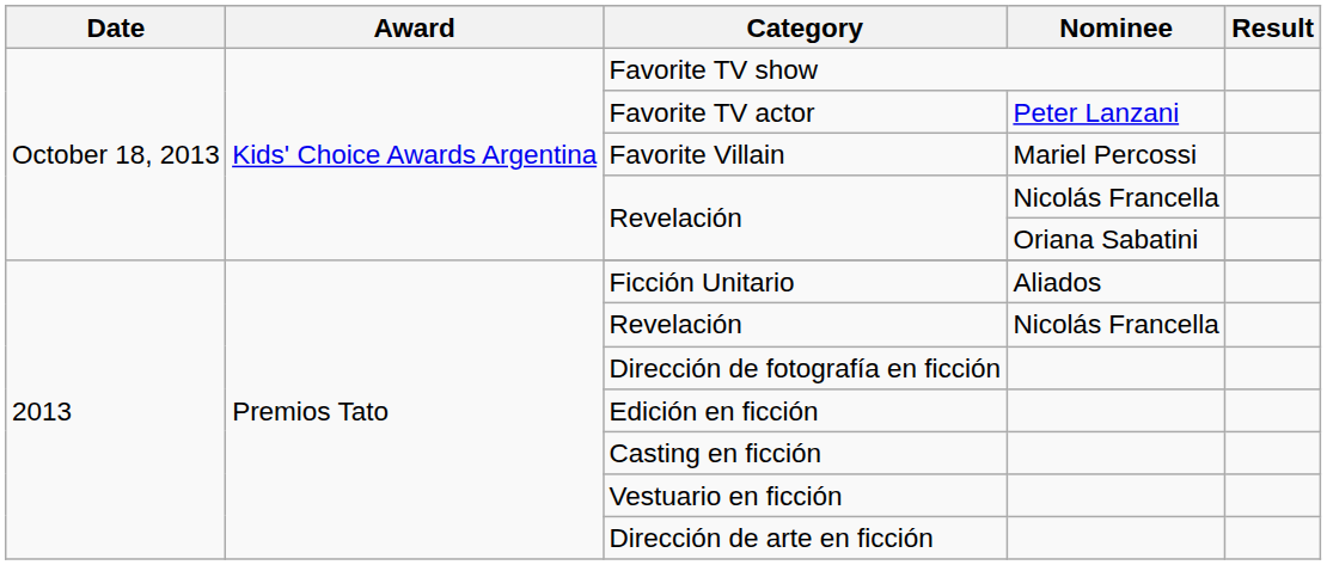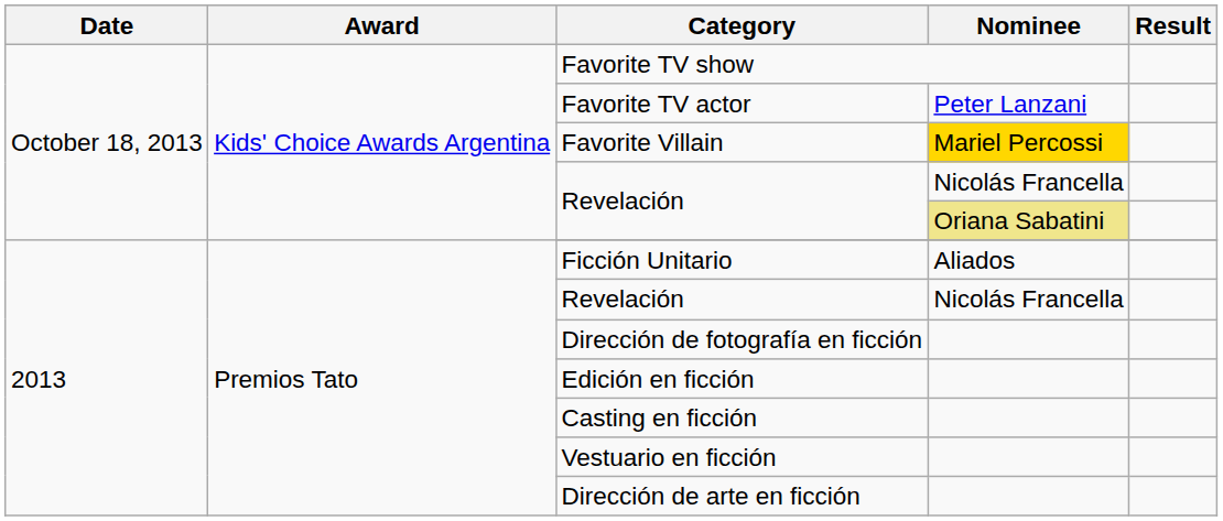 <table class="wikitable" style="font-size: 95%;">
 <tr align="center" bgcolor="#cccccc">
 <th>Date</th>
 <th>Award</th>
 <th>Category</th>
 <th>Nominee</th>
 <th>Result</th>
 </tr>
 <tr>
 <td rowspan="5">October 18, 2013</td>
 <td rowspan="5"><a href='#'>Kids' Choice Awards Argentina</a></td>
 <td colspan="2">Favorite TV show</td>
 <td></td>
 </tr>
 <tr>
 <td>Favorite TV actor</td>
 <td><a href='#'>Peter Lanzani</a></td>
 <td></td>
 </tr>
 <tr>
 <td>Favorite Villain</td>
-<td>Mariel Percossi</td>
+<td style="background: gold;">Mariel Percossi</td>
 <td></td>
 </tr>
 <tr>
 <td rowspan="2">Revelación</td>
 <td>Nicolás Francella</td>
 <td></td>
 </tr>
 <tr>
-<td>Oriana Sabatini</td>
+<td style="background: khaki;">Oriana Sabatini</td>
 <td></td>
 </tr>
 <tr>
 <td rowspan="8">2013</td>
 <td rowspan="8">Premios Tato</td>
 </tr>
 <tr>
 <td>Ficción Unitario</td>
 <td>Aliados</td>
 <td></td>
 </tr>
 <tr>
 <td>Revelación</td>
 <td>Nicolás Francella</td>
 <td></td>
 </tr>
 <tr>
 <td>Dirección de fotografía en ficción</td>
 <td></td>
 <td></td>
 </tr>
 <tr>
 <td>Edición en ficción</td>
 <td></td>
 <td></td>
 </tr>
 <tr>
 <td>Casting en ficción</td>
 <td></td>
 <td></td>
 </tr>
 <tr>
 <td>Vestuario en ficción</td>
 <td></td>
 <td></td>
 </tr>
 <tr>
 <td>Dirección de arte en ficción</td>
 <td></td>
 <td></td>
 </tr>
 </table>
